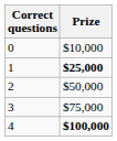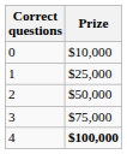 <table class="wikitable">
 <tr>
 <th>Correct <br> questions</th>
 <th>Prize</th>
 </tr>
 <tr>
 <td>0</td>
 <td>$10,000</td>
 </tr>
 <tr>
 <td>1</td>
-<td><strong>$25,000</strong></td>
+<td>$25,000</td>
 </tr>
 <tr>
 <td>2</td>
 <td>$50,000</td>
 </tr>
 <tr>
 <td>3</td>
 <td>$75,000</td>
 </tr>
 <tr>
 <td>4</td>
 <td><strong>$100,000</strong></td>
 </tr>
 </table>
